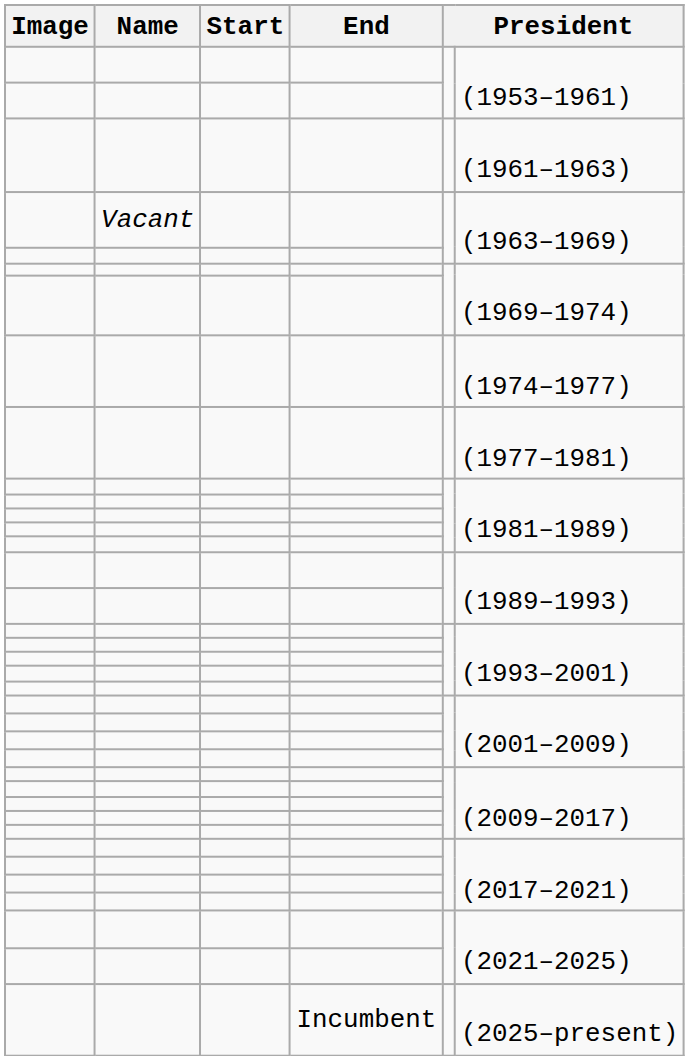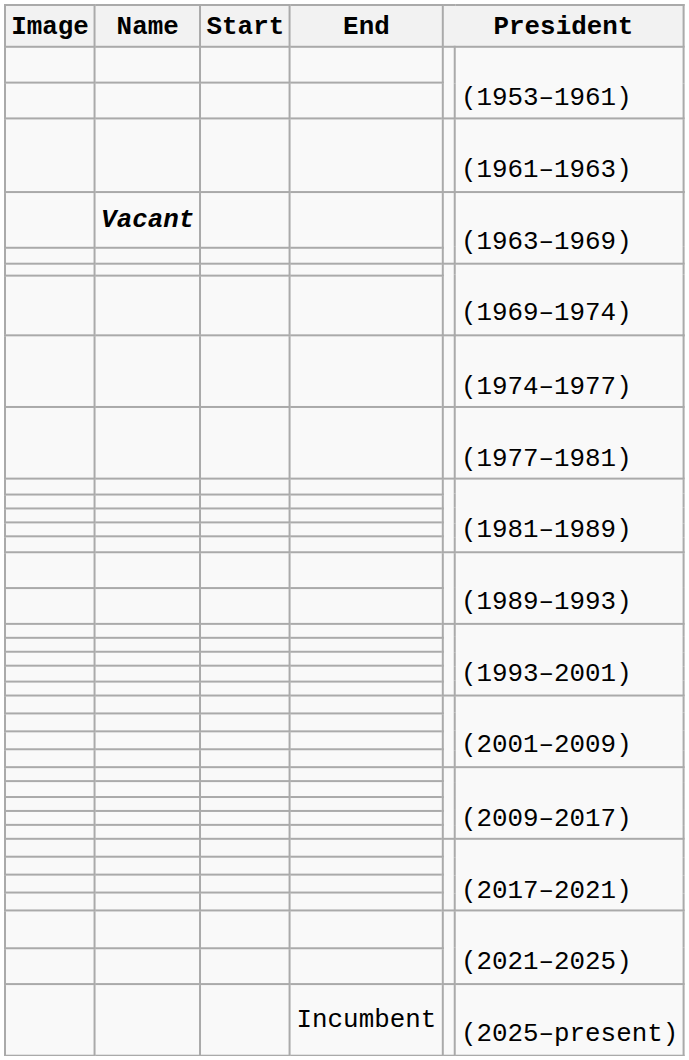 <table class="wikitable sortable">
 <tr>
 <th class=unsortable>Image</th>
 <th>Name</th>
 <th>Start</th>
 <th>End</th>
 <th colspan=2>President</th>
 </tr>
 <tr>
 <td></td>
 <td></td>
 <td></td>
 <td></td>
 <td rowspan=2 style="background: "></td>
 <td rowspan=2><br>(1953–1961)</td>
 </tr>
 <tr>
 <td></td>
 <td></td>
 <td></td>
 <td></td>
 </tr>
 <tr>
 <td rowspan=2></td>
 <td rowspan=2></td>
 <td rowspan=2></td>
 <td rowspan=2></td>
 <td style="background: "></td>
 <td><br>(1961–1963)</td>
 </tr>
 <tr>
 <td rowspan=3 style="background: "></td>
 <td rowspan=3><br>(1963–1969)</td>
 </tr>
 <tr>
 <td></td>
-<td><em>Vacant</em></td>
+<td><strong><em>Vacant</em></strong></td>
 <td></td>
 <td></td>
 </tr>
 <tr>
 <td></td>
 <td></td>
 <td></td>
 <td></td>
 </tr>
 <tr>
 <td></td>
 <td></td>
 <td></td>
 <td></td>
 <td rowspan=2 style="background: "></td>
 <td rowspan=2><br>(1969–1974)</td>
 </tr>
 <tr>
 <td rowspan=2></td>
 <td rowspan=2></td>
 <td rowspan=2></td>
 <td rowspan=2></td>
 </tr>
 <tr>
 <td rowspan=2 style="background: "></td>
 <td rowspan=2><br>(1974–1977)</td>
 </tr>
 <tr>
 <td></td>
 <td></td>
 <td></td>
 <td></td>
 </tr>
 <tr>
 <td></td>
 <td></td>
 <td></td>
 <td></td>
 <td style="background: "></td>
 <td><br>(1977–1981)</td>
 </tr>
 <tr>
 <td></td>
 <td></td>
 <td></td>
 <td></td>
 <td rowspan=5 style="background: "></td>
 <td rowspan=5><br>(1981–1989)</td>
 </tr>
 <tr>
 <td></td>
 <td></td>
 <td></td>
 <td></td>
 </tr>
 <tr>
 <td></td>
 <td></td>
 <td></td>
 <td></td>
 </tr>
 <tr>
 <td></td>
 <td></td>
 <td></td>
 <td></td>
 </tr>
 <tr>
 <td></td>
 <td></td>
 <td></td>
 <td></td>
 </tr>
 <tr>
 <td></td>
 <td></td>
 <td></td>
 <td></td>
 <td rowspan=2 style="background: "></td>
 <td rowspan=2><br>(1989–1993)</td>
 </tr>
 <tr>
 <td></td>
 <td></td>
 <td></td>
 <td></td>
 </tr>
 <tr>
 <td></td>
 <td></td>
 <td></td>
 <td></td>
 <td rowspan=5 style="background: "></td>
 <td rowspan=5><br>(1993–2001)</td>
 </tr>
 <tr>
 <td></td>
 <td></td>
 <td></td>
 <td></td>
 </tr>
 <tr>
 <td></td>
 <td></td>
 <td></td>
 <td></td>
 </tr>
 <tr>
 <td></td>
 <td></td>
 <td></td>
 <td></td>
 </tr>
 <tr>
 <td></td>
 <td></td>
 <td></td>
 <td></td>
 </tr>
 <tr>
 <td></td>
 <td></td>
 <td></td>
 <td></td>
 <td rowspan=4 style="background: "></td>
 <td rowspan=4><br>(2001–2009)</td>
 </tr>
 <tr>
 <td></td>
 <td></td>
 <td></td>
 <td></td>
 </tr>
 <tr>
 <td></td>
 <td></td>
 <td></td>
 <td></td>
 </tr>
 <tr>
 <td></td>
 <td></td>
 <td></td>
 <td></td>
 </tr>
 <tr>
 <td></td>
 <td></td>
 <td></td>
 <td></td>
 <td rowspan=5 style="background: "></td>
 <td rowspan=5><br>(2009–2017)</td>
 </tr>
 <tr>
 <td></td>
 <td></td>
 <td></td>
 <td></td>
 </tr>
 <tr>
 <td></td>
 <td></td>
 <td></td>
 <td></td>
 </tr>
 <tr>
 <td></td>
 <td></td>
 <td></td>
 <td></td>
 </tr>
 <tr>
 <td></td>
 <td></td>
 <td></td>
 <td></td>
 </tr>
 <tr>
 <td></td>
 <td></td>
 <td></td>
 <td></td>
 <td rowspan=4 style="background: "></td>
 <td rowspan=4><br>(2017–2021)</td>
 </tr>
 <tr>
 <td></td>
 <td></td>
 <td></td>
 <td></td>
 </tr>
 <tr>
 <td></td>
 <td></td>
 <td></td>
 <td></td>
 </tr>
 <tr>
 <td></td>
 <td></td>
 <td></td>
 <td></td>
 </tr>
 <tr>
 <td></td>
 <td></td>
 <td></td>
 <td></td>
 <td rowspan=2 style="background: "></td>
 <td rowspan=2><br>(2021–2025)</td>
 </tr>
 <tr>
 <td></td>
 <td></td>
 <td></td>
 <td></td>
 </tr>
 <tr>
 <td></td>
 <td></td>
 <td></td>
 <td>Incumbent</td>
 <td style="background: "></td>
 <td><br>(2025–present)</td>
 </tr>
 </table>
